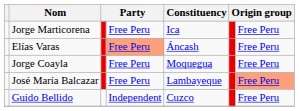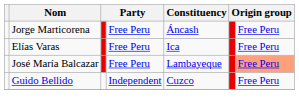 <table class="wikitable centre">
 <tr>
 <th class="unsortable" scope="col"></th>
 <th scope="col">Nom</th>
 <th colspan="2">Party</th>
 <th scope="col">Constituency</th>
 <th colspan="2">Origin group</th>
 </tr>
 <tr>
 <td align=center></td>
 <td>Jorge Marticorena</td>
 <td bgcolor="#E80000"></td>
 <td><a href='#'>Free Peru</a></td>
-<td><a href='#'>Ica</a></td>
+<td><a href='#'>Áncash</a></td>
 <td bgcolor="#E80000"></td>
 <td><a href='#'>Free Peru</a></td>
 </tr>
 <tr>
 <td align=center></td>
 <td>Elías Varas</td>
 <td bgcolor="#E80000"></td>
-<td style="background: lightsalmon;"><a href='#'>Free Peru</a></td>
-<td><a href='#'>Áncash</a></td>
-<td bgcolor="#E80000"></td>
 <td><a href='#'>Free Peru</a></td>
-</tr>
-<tr>
-<td align=center></td>
-<td>Jorge Coayla</td>
-<td bgcolor="#E80000"></td>
-<td><a href='#'>Free Peru</a></td>
-<td><a href='#'>Moquegua</a></td>
+<td><a href='#'>Ica</a></td>
 <td bgcolor="#E80000"></td>
 <td><a href='#'>Free Peru</a></td>
 </tr>
 <tr>
 <td align=center></td>
 <td>José María Balcazar</td>
 <td bgcolor="#E80000"></td>
 <td><a href='#'>Free Peru</a></td>
 <td><a href='#'>Lambayeque</a></td>
 <td bgcolor="#E80000"></td>
 <td style="background: lightsalmon;"><a href='#'>Free Peru</a></td>
 </tr>
 <tr>
 <td></td>
 <td><a href='#'>Guido Bellido</a></td>
 <td></td>
 <td><a href='#'>Independent</a></td>
 <td><a href='#'>Cuzco</a></td>
 <td bgcolor="#E80000"></td>
 <td><a href='#'>Free Peru</a></td>
 </tr>
 <tr>
 </tr>
 </table>
